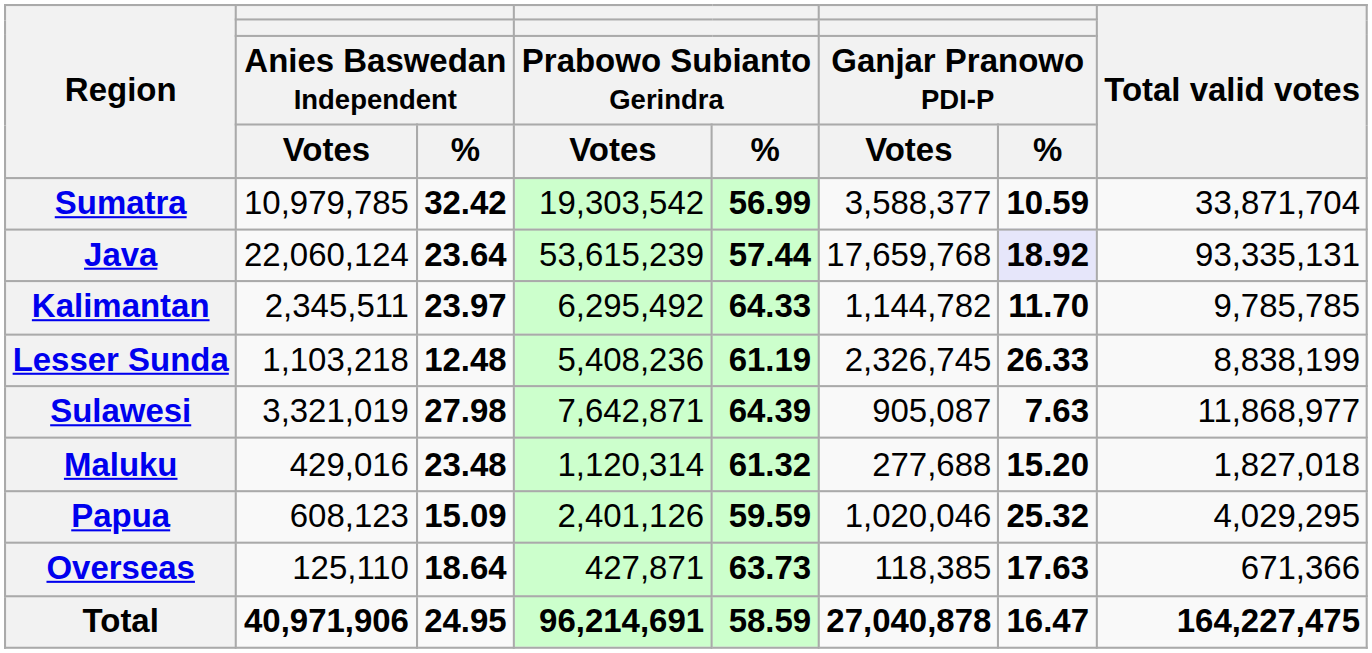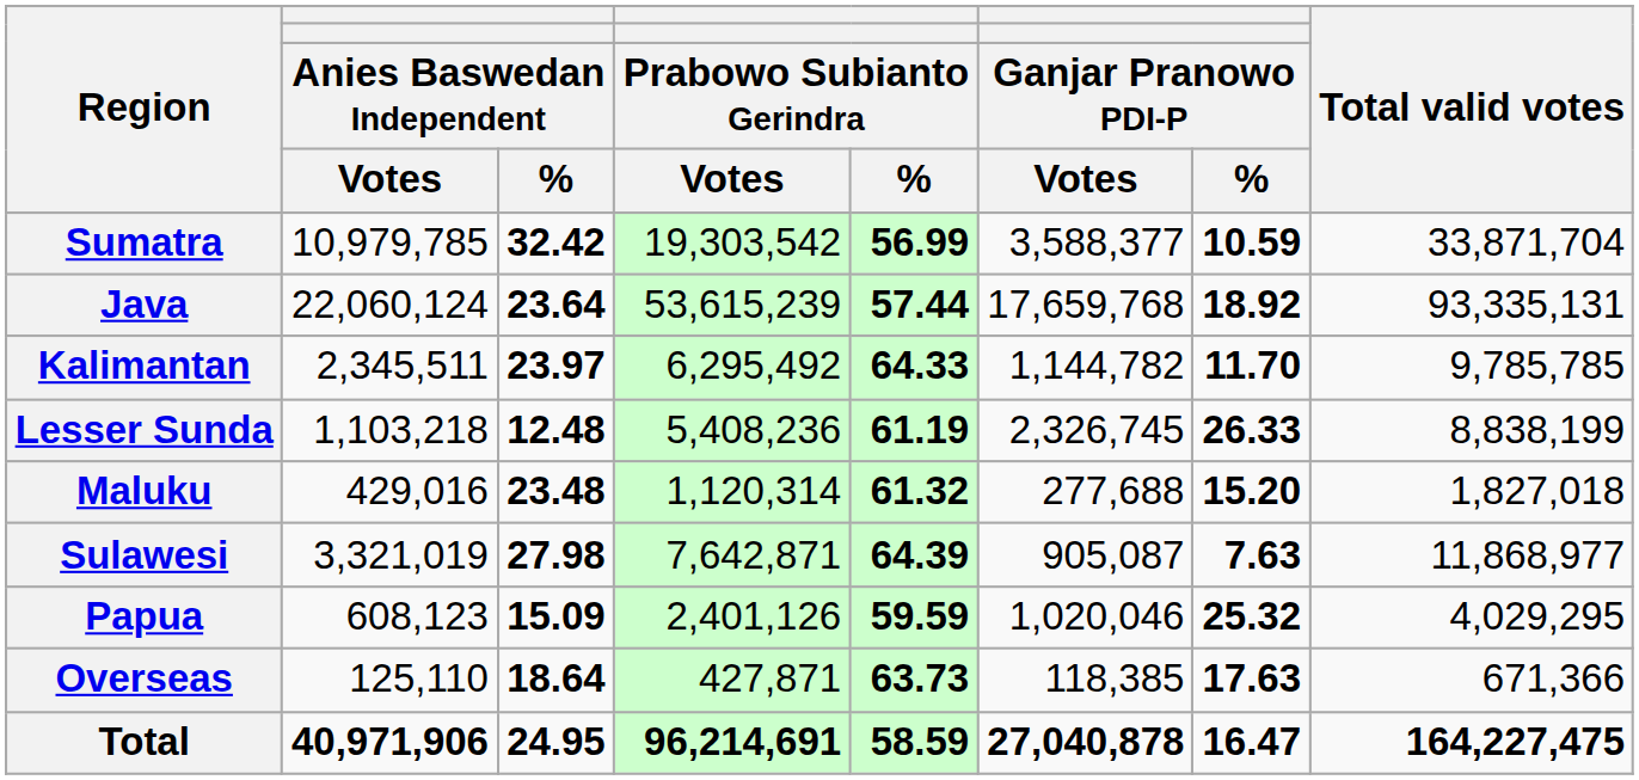 <table class="wikitable sortable">
 <tr>
 <th rowspan="4">Region</th>
 <th colspan="2"></th>
 <th colspan="2"></th>
 <th colspan="2"></th>
 <th rowspan="4">Total valid votes</th>
 </tr>
 <tr>
 <th colspan="2" style="background:"></th>
 <th colspan="2" style="background:"></th>
 <th colspan="2" style="background:"></th>
 </tr>
 <tr>
 <th colspan="2">Anies Baswedan<br><small>Independent</small></th>
 <th colspan="2">Prabowo Subianto<br><small>Gerindra</small></th>
 <th colspan="2">Ganjar Pranowo<br><small>PDI-P</small></th>
 </tr>
 <tr>
 <th>Votes</th>
 <th>%</th>
 <th>Votes</th>
 <th>%</th>
 <th>Votes</th>
 <th>%</th>
 </tr>
 <tr align="right">
 <th rowspan="1"><a href='#'>Sumatra</a></th>
 <td>10,979,785</td>
 <td><strong>32.42</strong></td>
 <td style="background:#cfc">19,303,542</td>
 <td style="background:#cfc"><strong>56.99</strong></td>
 <td>3,588,377</td>
 <td><strong>10.59</strong></td>
 <td>33,871,704</td>
 </tr>
 <tr align="right">
 <th rowspan="1"><a href='#'>Java</a></th>
 <td>22,060,124</td>
 <td><strong>23.64</strong></td>
 <td style="background:#cfc">53,615,239</td>
 <td style="background:#cfc"><strong>57.44</strong></td>
 <td>17,659,768</td>
-<td style="background: lavender;"><strong>18.92</strong></td>
+<td><strong>18.92</strong></td>
 <td>93,335,131</td>
 </tr>
 <tr align="right">
 <th rowspan="1"><a href='#'>Kalimantan</a></th>
 <td>2,345,511</td>
 <td><strong>23.97</strong></td>
 <td style="background:#cfc">6,295,492</td>
 <td style="background:#cfc"><strong>64.33</strong></td>
 <td>1,144,782</td>
 <td><strong>11.70</strong></td>
 <td>9,785,785</td>
 </tr>
 <tr align="right">
 <th rowspan="1"><a href='#'>Lesser Sunda</a></th>
 <td>1,103,218</td>
 <td><strong>12.48</strong></td>
 <td style="background:#cfc">5,408,236</td>
 <td style="background:#cfc"><strong>61.19</strong></td>
 <td>2,326,745</td>
 <td><strong>26.33</strong></td>
 <td>8,838,199</td>
 </tr>
 <tr align="right">
+<th rowspan="1"><a href='#'>Maluku</a></th>
+<td>429,016</td>
+<td><strong>23.48</strong></td>
+<td style="background:#cfc">1,120,314</td>
+<td style="background:#cfc"><strong>61.32</strong></td>
+<td>277,688</td>
+<td><strong>15.20</strong></td>
+<td>1,827,018</td>
+</tr>
+<tr align="right">
 <th rowspan="1"><a href='#'>Sulawesi</a></th>
 <td>3,321,019</td>
 <td><strong>27.98</strong></td>
 <td style="background:#cfc">7,642,871</td>
 <td style="background:#cfc"><strong>64.39</strong></td>
 <td>905,087</td>
 <td><strong>7.63</strong></td>
 <td>11,868,977</td>
-</tr>
-<tr align="right">
-<th rowspan="1"><a href='#'>Maluku</a></th>
-<td>429,016</td>
-<td><strong>23.48</strong></td>
-<td style="background:#cfc">1,120,314</td>
-<td style="background:#cfc"><strong>61.32</strong></td>
-<td>277,688</td>
-<td><strong>15.20</strong></td>
-<td>1,827,018</td>
 </tr>
 <tr align="right">
 <th rowspan="1"><a href='#'>Papua</a></th>
 <td>608,123</td>
 <td><strong>15.09</strong></td>
 <td style="background:#cfc">2,401,126</td>
 <td style="background:#cfc"><strong>59.59</strong></td>
 <td>1,020,046</td>
 <td><strong>25.32</strong></td>
 <td>4,029,295</td>
 </tr>
 <tr align="right">
 <th rowspan="1"><a href='#'>Overseas</a></th>
 <td>125,110</td>
 <td><strong>18.64</strong></td>
 <td style="background:#cfc">427,871</td>
 <td style="background:#cfc"><strong>63.73</strong></td>
 <td>118,385</td>
 <td><strong>17.63</strong></td>
 <td>671,366</td>
 </tr>
 <tr align="right">
 <th colspan="1">Total</th>
 <td><strong>40,971,906</strong></td>
 <td><strong>24.95</strong></td>
 <td style="background:#cfc"><strong>96,214,691</strong></td>
 <td style="background:#cfc"><strong>58.59</strong></td>
 <td><strong>27,040,878</strong></td>
 <td><strong>16.47</strong></td>
 <td><strong>164,227,475</strong></td>
 </tr>
 </table>
